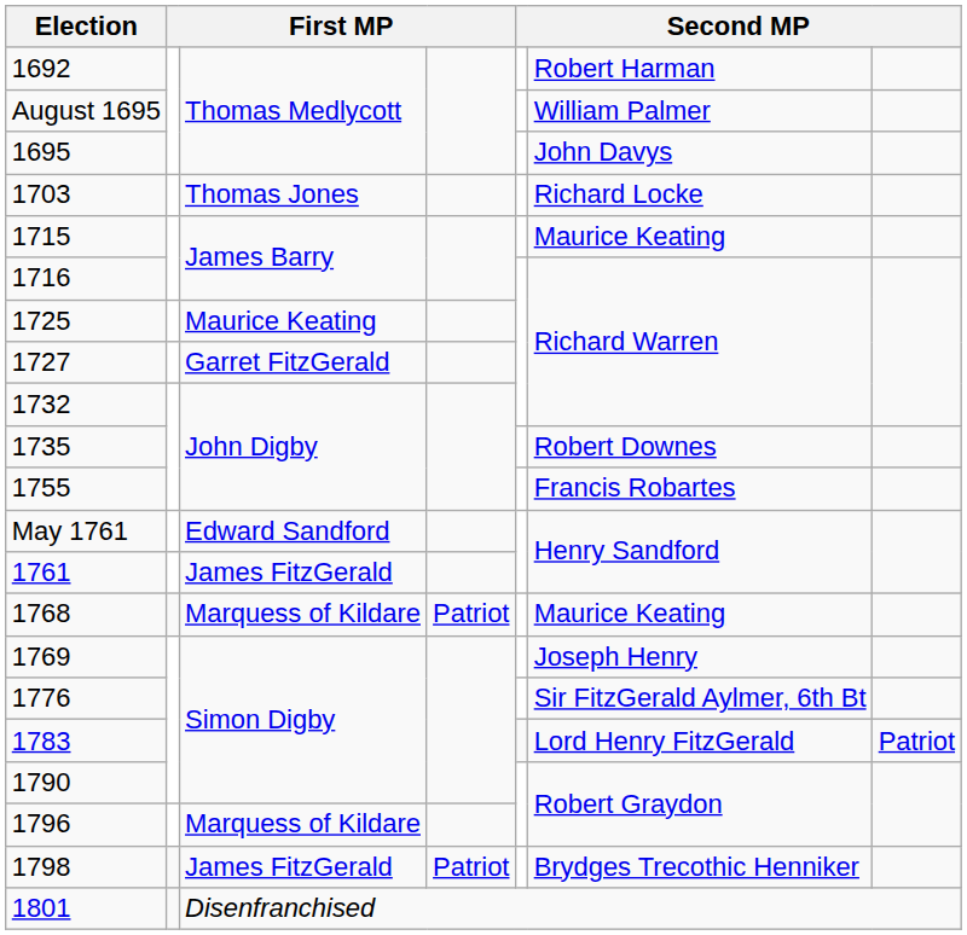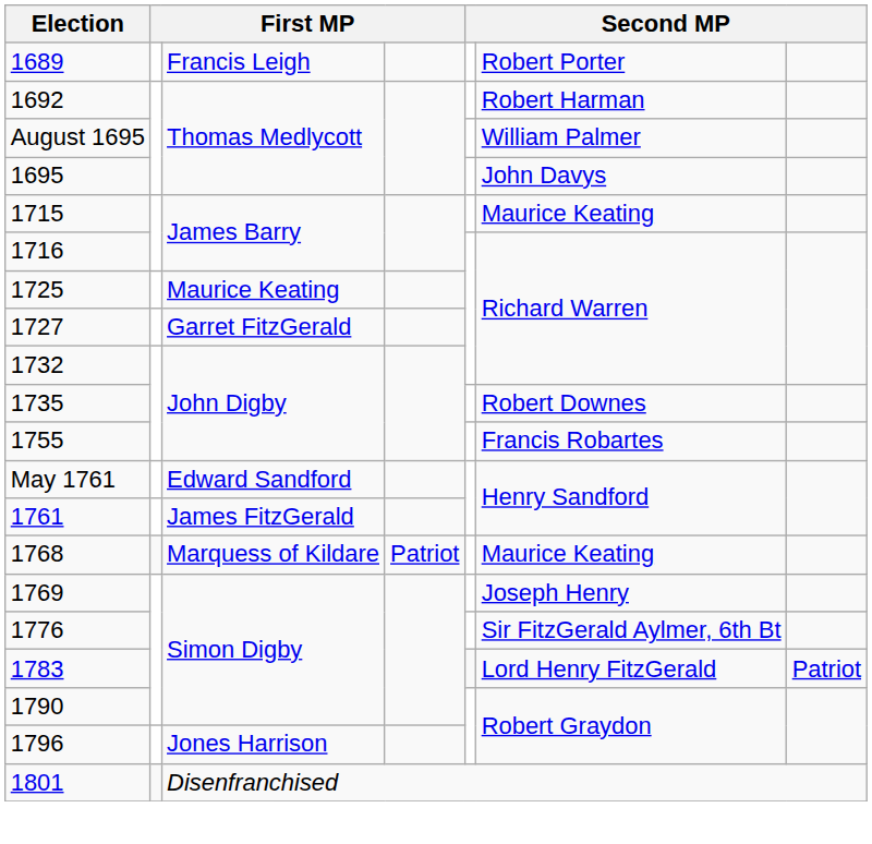 <table class="wikitable">
 <tr>
 <th>Election</th>
 <th colspan=3>First MP</th>
 <th colspan=3>Second MP</th>
+</tr>
+<tr>
+<td><a href='#'>1689</a></td>
+<td style="background-color: white"></td>
+<td><a href='#'>Francis Leigh</a></td>
+<td></td>
+<td style="background-color: white"></td>
+<td><a href='#'>Robert Porter</a></td>
+<td></td>
 </tr>
 <tr>
 <td>1692</td>
 <td rowspan="3" style="background-color: white"></td>
 <td rowspan="3"><a href='#'>Thomas Medlycott</a></td>
 <td rowspan="3"></td>
 <td style="background-color: white"></td>
 <td><a href='#'>Robert Harman</a></td>
 <td></td>
 </tr>
 <tr>
 <td>August 1695</td>
 <td style="background-color: white"></td>
 <td><a href='#'>William Palmer</a></td>
 <td></td>
 </tr>
 <tr>
 <td>1695</td>
 <td style="background-color: white"></td>
 <td><a href='#'>John Davys</a></td>
-<td></td>
-</tr>
-<tr>
-<td>1703</td>
-<td style="background-color: white"></td>
-<td><a href='#'>Thomas Jones</a></td>
-<td></td>
-<td style="background-color: white"></td>
-<td><a href='#'>Richard Locke</a></td>
 <td></td>
 </tr>
 <tr>
 <td>1715</td>
 <td rowspan="2" style="background-color: white"></td>
 <td rowspan="2"><a href='#'>James Barry</a></td>
 <td rowspan="2"></td>
 <td style="background-color: white"></td>
 <td><a href='#'>Maurice Keating</a></td>
 <td></td>
 </tr>
 <tr>
 <td>1716</td>
 <td rowspan="4" style="background-color: white"></td>
 <td rowspan="4"><a href='#'>Richard Warren</a></td>
 <td rowspan="4"></td>
 </tr>
 <tr>
 <td>1725</td>
 <td style="background-color: white"></td>
 <td><a href='#'>Maurice Keating</a></td>
 <td></td>
 </tr>
 <tr>
 <td>1727</td>
 <td style="background-color: white"></td>
 <td><a href='#'>Garret FitzGerald</a></td>
 <td></td>
 </tr>
 <tr>
 <td>1732</td>
 <td rowspan="3" style="background-color: white"></td>
 <td rowspan="3"><a href='#'>John Digby</a></td>
 <td rowspan="3"></td>
 </tr>
 <tr>
 <td>1735</td>
 <td style="background-color: white"></td>
 <td><a href='#'>Robert Downes</a></td>
 <td></td>
 </tr>
 <tr>
 <td>1755</td>
 <td style="background-color: white"></td>
 <td><a href='#'>Francis Robartes</a></td>
 <td></td>
 </tr>
 <tr>
 <td>May 1761</td>
 <td style="background-color: white"></td>
 <td><a href='#'>Edward Sandford</a></td>
 <td></td>
 <td rowspan="2" style="background-color: white"></td>
 <td rowspan="2"><a href='#'>Henry Sandford</a></td>
 <td rowspan="2"></td>
 </tr>
 <tr>
 <td><a href='#'>1761</a></td>
 <td style="background-color: white"></td>
 <td><a href='#'>James FitzGerald</a></td>
 <td></td>
 </tr>
 <tr>
 <td>1768</td>
 <td style="background-color: "></td>
 <td><a href='#'>Marquess of Kildare</a></td>
 <td><a href='#'>Patriot</a></td>
 <td style="background-color: white"></td>
 <td><a href='#'>Maurice Keating</a></td>
 <td></td>
 </tr>
 <tr>
 <td>1769</td>
 <td rowspan="4" style="background-color: white"></td>
 <td rowspan="4"><a href='#'>Simon Digby</a></td>
 <td rowspan="4"></td>
 <td style="background-color: white"></td>
 <td><a href='#'>Joseph Henry</a></td>
 <td></td>
 </tr>
 <tr>
 <td>1776</td>
 <td style="background-color: white"></td>
 <td><a href='#'>Sir FitzGerald Aylmer, 6th Bt</a></td>
 <td></td>
 </tr>
 <tr>
 <td><a href='#'>1783</a></td>
 <td style="background-color: "></td>
 <td><a href='#'>Lord Henry FitzGerald</a></td>
 <td><a href='#'>Patriot</a></td>
 </tr>
 <tr>
 <td>1790</td>
 <td rowspan="2" style="background-color: white"></td>
 <td rowspan="2"><a href='#'>Robert Graydon</a></td>
 <td rowspan="2"></td>
 </tr>
 <tr>
 <td>1796</td>
 <td style="background-color: white"></td>
-<td><a href='#'>Marquess of Kildare</a></td>
-<td></td>
-</tr>
-<tr>
-<td>1798</td>
-<td style="background-color: "></td>
-<td><a href='#'>James FitzGerald</a></td>
-<td><a href='#'>Patriot</a></td>
-<td style="background-color: white"></td>
-<td><a href='#'>Brydges Trecothic Henniker</a></td>
+<td><a href='#'>Jones Harrison</a></td>
 <td></td>
 </tr>
 <tr>
 <td><a href='#'>1801</a></td>
 <td></td>
 <td colspan="5"><em>Disenfranchised</em></td>
 </tr>
 </table>
